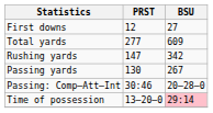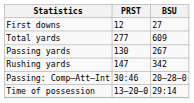 <table class="wikitable" style="float: left;">
 <tr>
 <th>Statistics</th>
 <th>PRST</th>
 <th>BSU</th>
 </tr>
 <tr>
 <td>First downs</td>
 <td>12</td>
 <td>27</td>
 </tr>
 <tr>
 <td>Total yards</td>
 <td>277</td>
 <td>609</td>
 </tr>
 <tr>
+<td>Passing yards</td>
+<td>130</td>
+<td>267</td>
+</tr>
+<tr>
 <td>Rushing yards</td>
 <td>147</td>
 <td>342</td>
-</tr>
-<tr>
-<td>Passing yards</td>
-<td>130</td>
-<td>267</td>
 </tr>
 <tr>
 <td>Passing: Comp–Att–Int</td>
 <td>30:46</td>
 <td>20–28–0</td>
 </tr>
 <tr>
 <td>Time of possession</td>
 <td>13–20–0</td>
-<td style="background: pink;">29:14</td>
+<td>29:14</td>
 </tr>
 <tr>
 </tr>
 </table>
